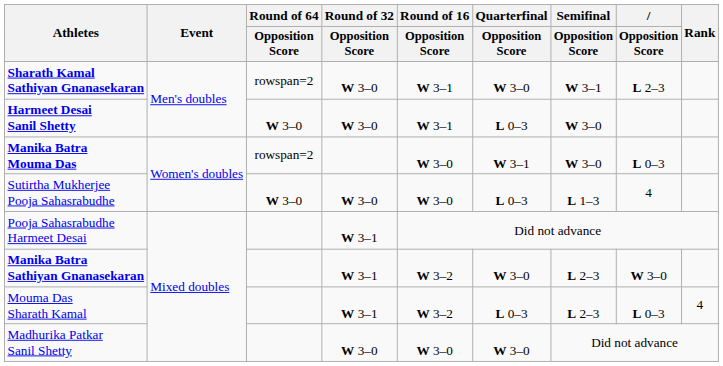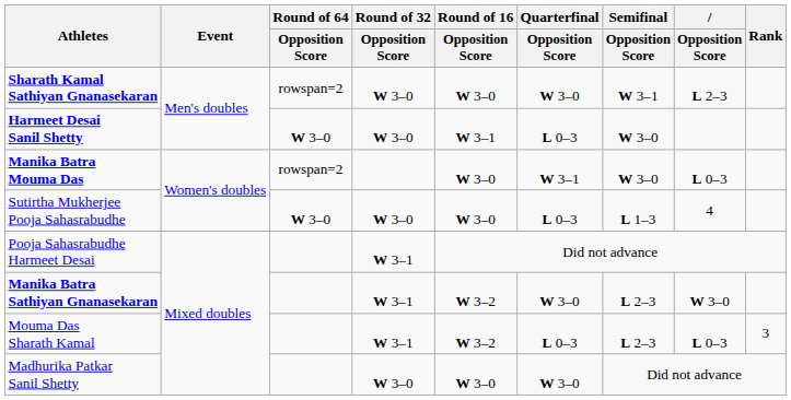 <table class=wikitable style=font-size:90%;text-align:center;>
 <tr>
 <th rowspan=2>Athletes</th>
 <th rowspan=2>Event</th>
 <th>Round of 64</th>
 <th>Round of 32</th>
 <th>Round of 16</th>
 <th>Quarterfinal</th>
 <th>Semifinal</th>
 <th>/</th>
 <th rowspan=2>Rank</th>
 </tr>
 <tr style="font-size:95%">
 <th>Opposition<br>Score</th>
 <th>Opposition<br>Score</th>
 <th>Opposition<br>Score</th>
 <th>Opposition<br>Score</th>
 <th>Opposition<br>Score</th>
 <th>Opposition<br>Score</th>
 </tr>
 <tr>
 <td align=left><strong><a href='#'>Sharath Kamal</a></strong><br><strong><a href='#'>Sathiyan Gnanasekaran</a></strong></td>
 <td align=left rowspan="2"><a href='#'>Men's doubles</a></td>
 <td>rowspan=2 </td>
 <td><br><strong>W</strong> 3–0</td>
-<td><br><strong>W</strong> 3–1</td>
+<td><br><strong>W</strong> 3–0</td>
 <td><br><strong>W</strong> 3–0</td>
 <td><br> <strong>W</strong> 3–1</td>
 <td><br> <strong>L</strong> 2–3</td>
 <td></td>
 </tr>
 <tr>
 <td align=left><strong><a href='#'>Harmeet Desai</a></strong><br><strong><a href='#'>Sanil Shetty</a></strong></td>
 <td><br><strong>W</strong> 3–0</td>
 <td><br><strong>W</strong> 3–0</td>
 <td><br><strong>W</strong> 3–1</td>
 <td><br><strong>L</strong> 0–3</td>
 <td><br><strong>W</strong> 3–0</td>
 <td></td>
 </tr>
 <tr>
 <td align=left><strong><a href='#'>Manika Batra</a></strong><br><strong><a href='#'>Mouma Das</a></strong></td>
 <td align=left rowspan="2"><a href='#'>Women's doubles</a></td>
 <td>rowspan=2 </td>
 <td></td>
 <td><br><strong>W</strong> 3–0</td>
 <td><br><strong>W</strong> 3–1</td>
 <td><br><strong>W</strong> 3–0</td>
 <td><br><strong>L</strong> 0–3</td>
 <td></td>
 </tr>
 <tr>
 <td align=left><a href='#'>Sutirtha Mukherjee</a><br><a href='#'>Pooja Sahasrabudhe</a></td>
 <td><br><strong>W</strong> 3–0</td>
 <td><br><strong>W</strong> 3–0</td>
 <td><br><strong>W</strong> 3–0</td>
 <td><br><strong>L</strong> 0–3</td>
 <td><br><strong>L</strong> 1–3</td>
 <td>4</td>
 </tr>
 <tr>
 <td align=left><a href='#'>Pooja Sahasrabudhe</a><br><a href='#'>Harmeet Desai</a></td>
 <td align=left rowspan="4"><a href='#'>Mixed doubles</a></td>
 <td></td>
 <td><br><strong>W</strong> 3–1</td>
 <td colspan=5>Did not advance</td>
 </tr>
 <tr>
 <td align=left><strong><a href='#'>Manika Batra</a><br><a href='#'>Sathiyan Gnanasekaran</a></strong></td>
 <td></td>
 <td><br><strong>W</strong> 3–1</td>
 <td><br><strong>W</strong> 3–2</td>
 <td><br><strong>W</strong> 3–0</td>
 <td><br><strong>L</strong> 2–3</td>
 <td><br><strong>W</strong> 3–0</td>
 <td></td>
 </tr>
 <tr>
 <td align=left><a href='#'>Mouma Das</a><br><a href='#'>Sharath Kamal</a></td>
 <td></td>
 <td><br><strong>W</strong> 3–1</td>
 <td><br><strong>W</strong> 3–2</td>
 <td><br><strong>L</strong> 0–3</td>
 <td><br><strong>L</strong> 2–3</td>
 <td><br><strong>L</strong> 0–3</td>
-<td>4</td>
+<td>3</td>
 </tr>
 <tr>
 <td align=left><a href='#'>Madhurika Patkar</a><br><a href='#'>Sanil Shetty</a></td>
 <td></td>
 <td><br><strong>W</strong> 3–0</td>
 <td><br><strong>W</strong> 3–0</td>
 <td><br><strong>W</strong> 3–0</td>
 <td colspan="3">Did not advance</td>
 </tr>
 </table>
